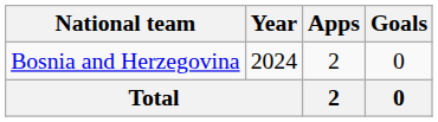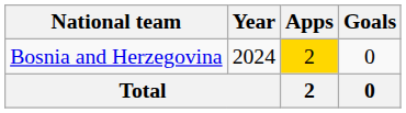 <table class="wikitable" style="text-align:center">
 <tr>
 <th>National team</th>
 <th>Year</th>
 <th>Apps</th>
 <th>Goals</th>
 </tr>
 <tr>
 <td><a href='#'>Bosnia and Herzegovina</a></td>
 <td>2024</td>
-<td>2</td>
+<td style="background: gold;">2</td>
 <td>0</td>
 </tr>
 <tr>
 <th colspan=2>Total</th>
 <th>2</th>
 <th>0</th>
 </tr>
 </table>
